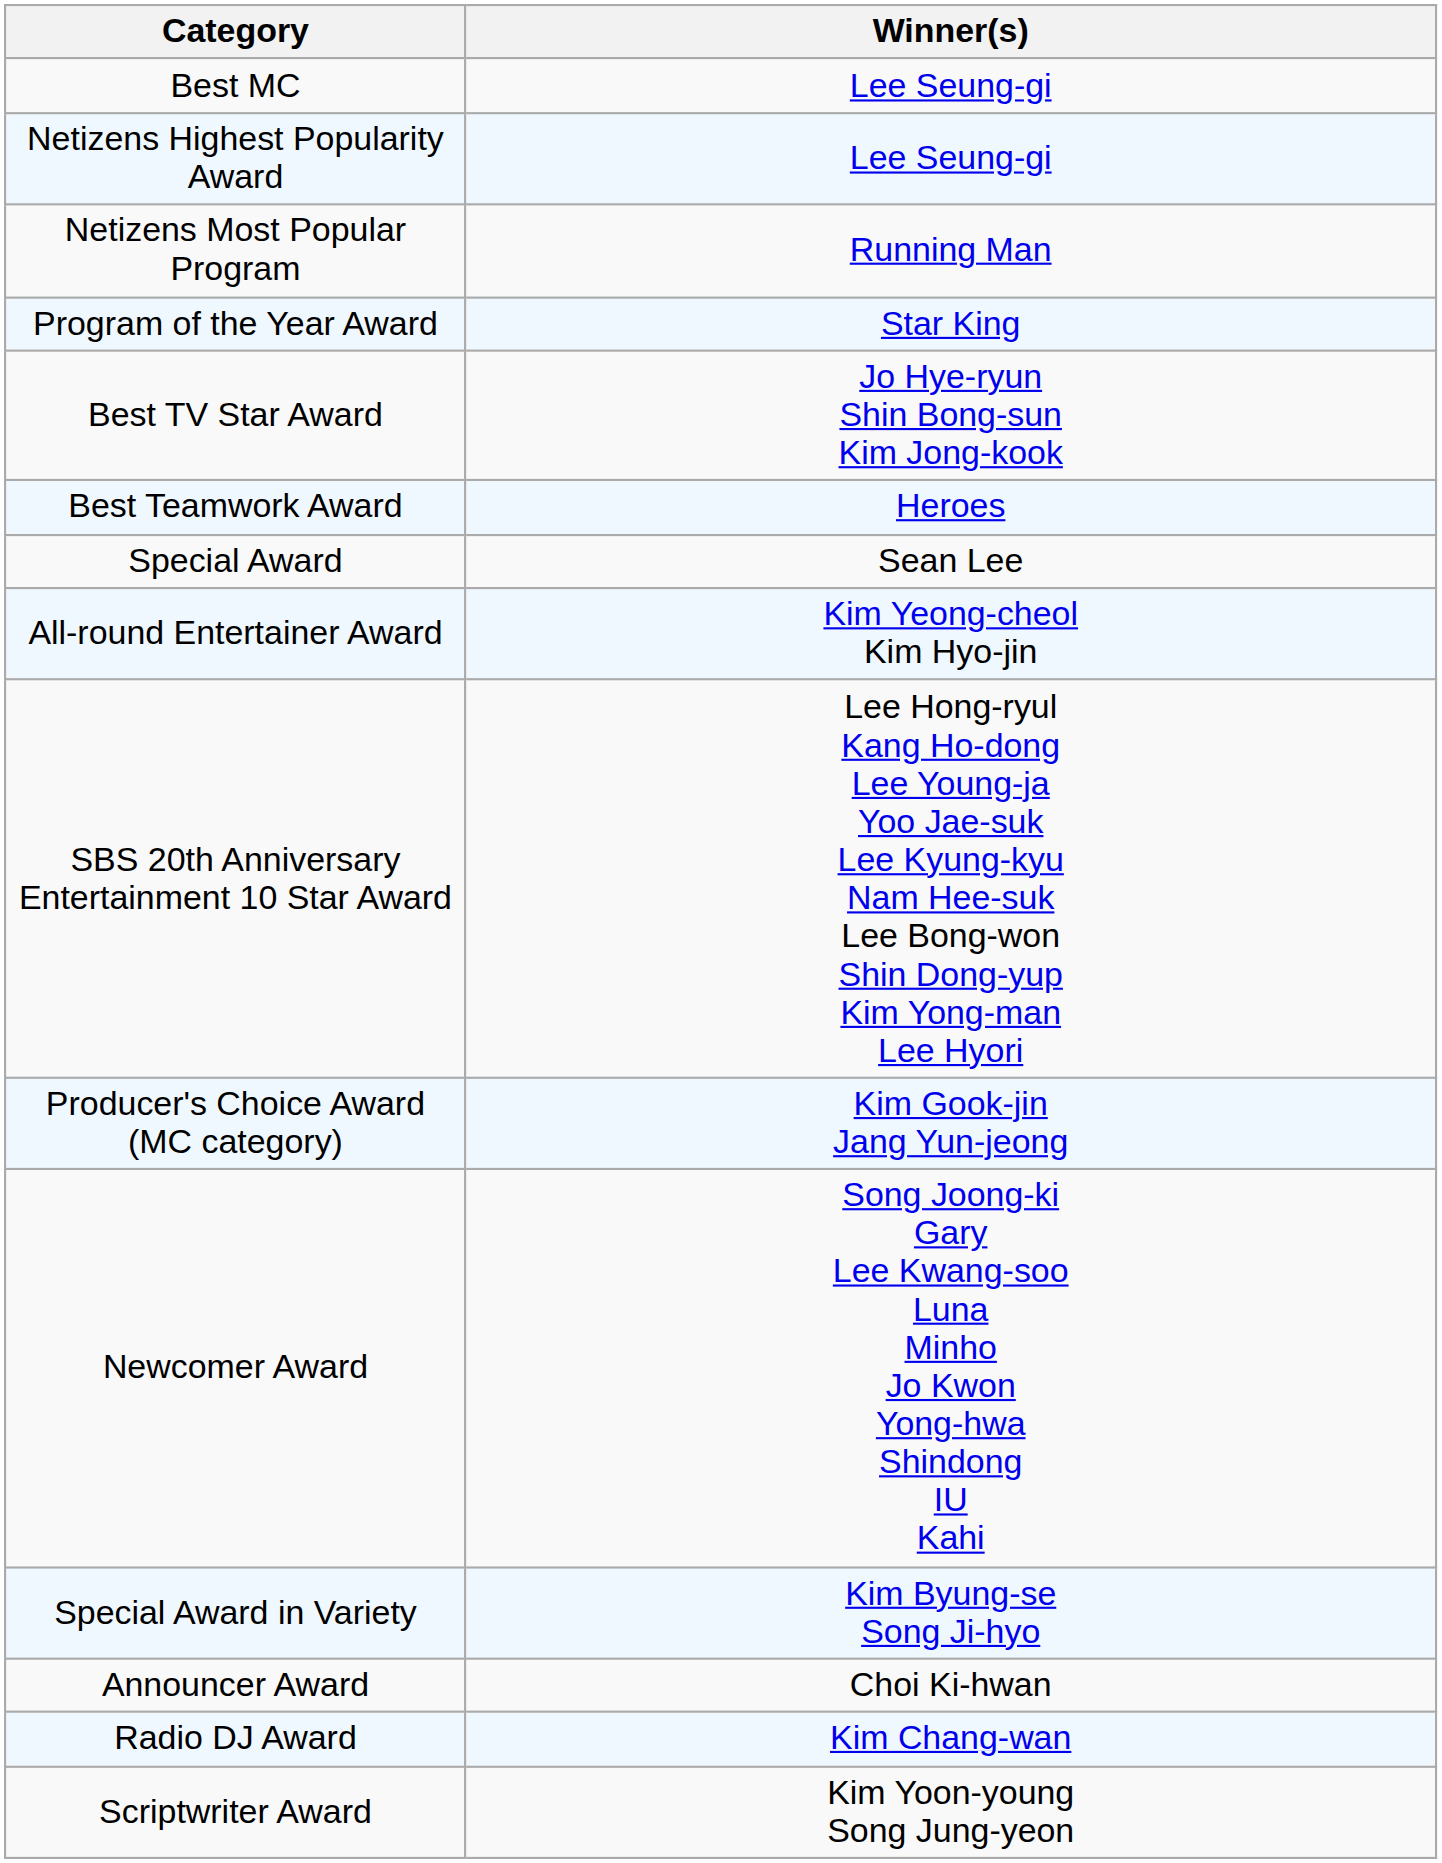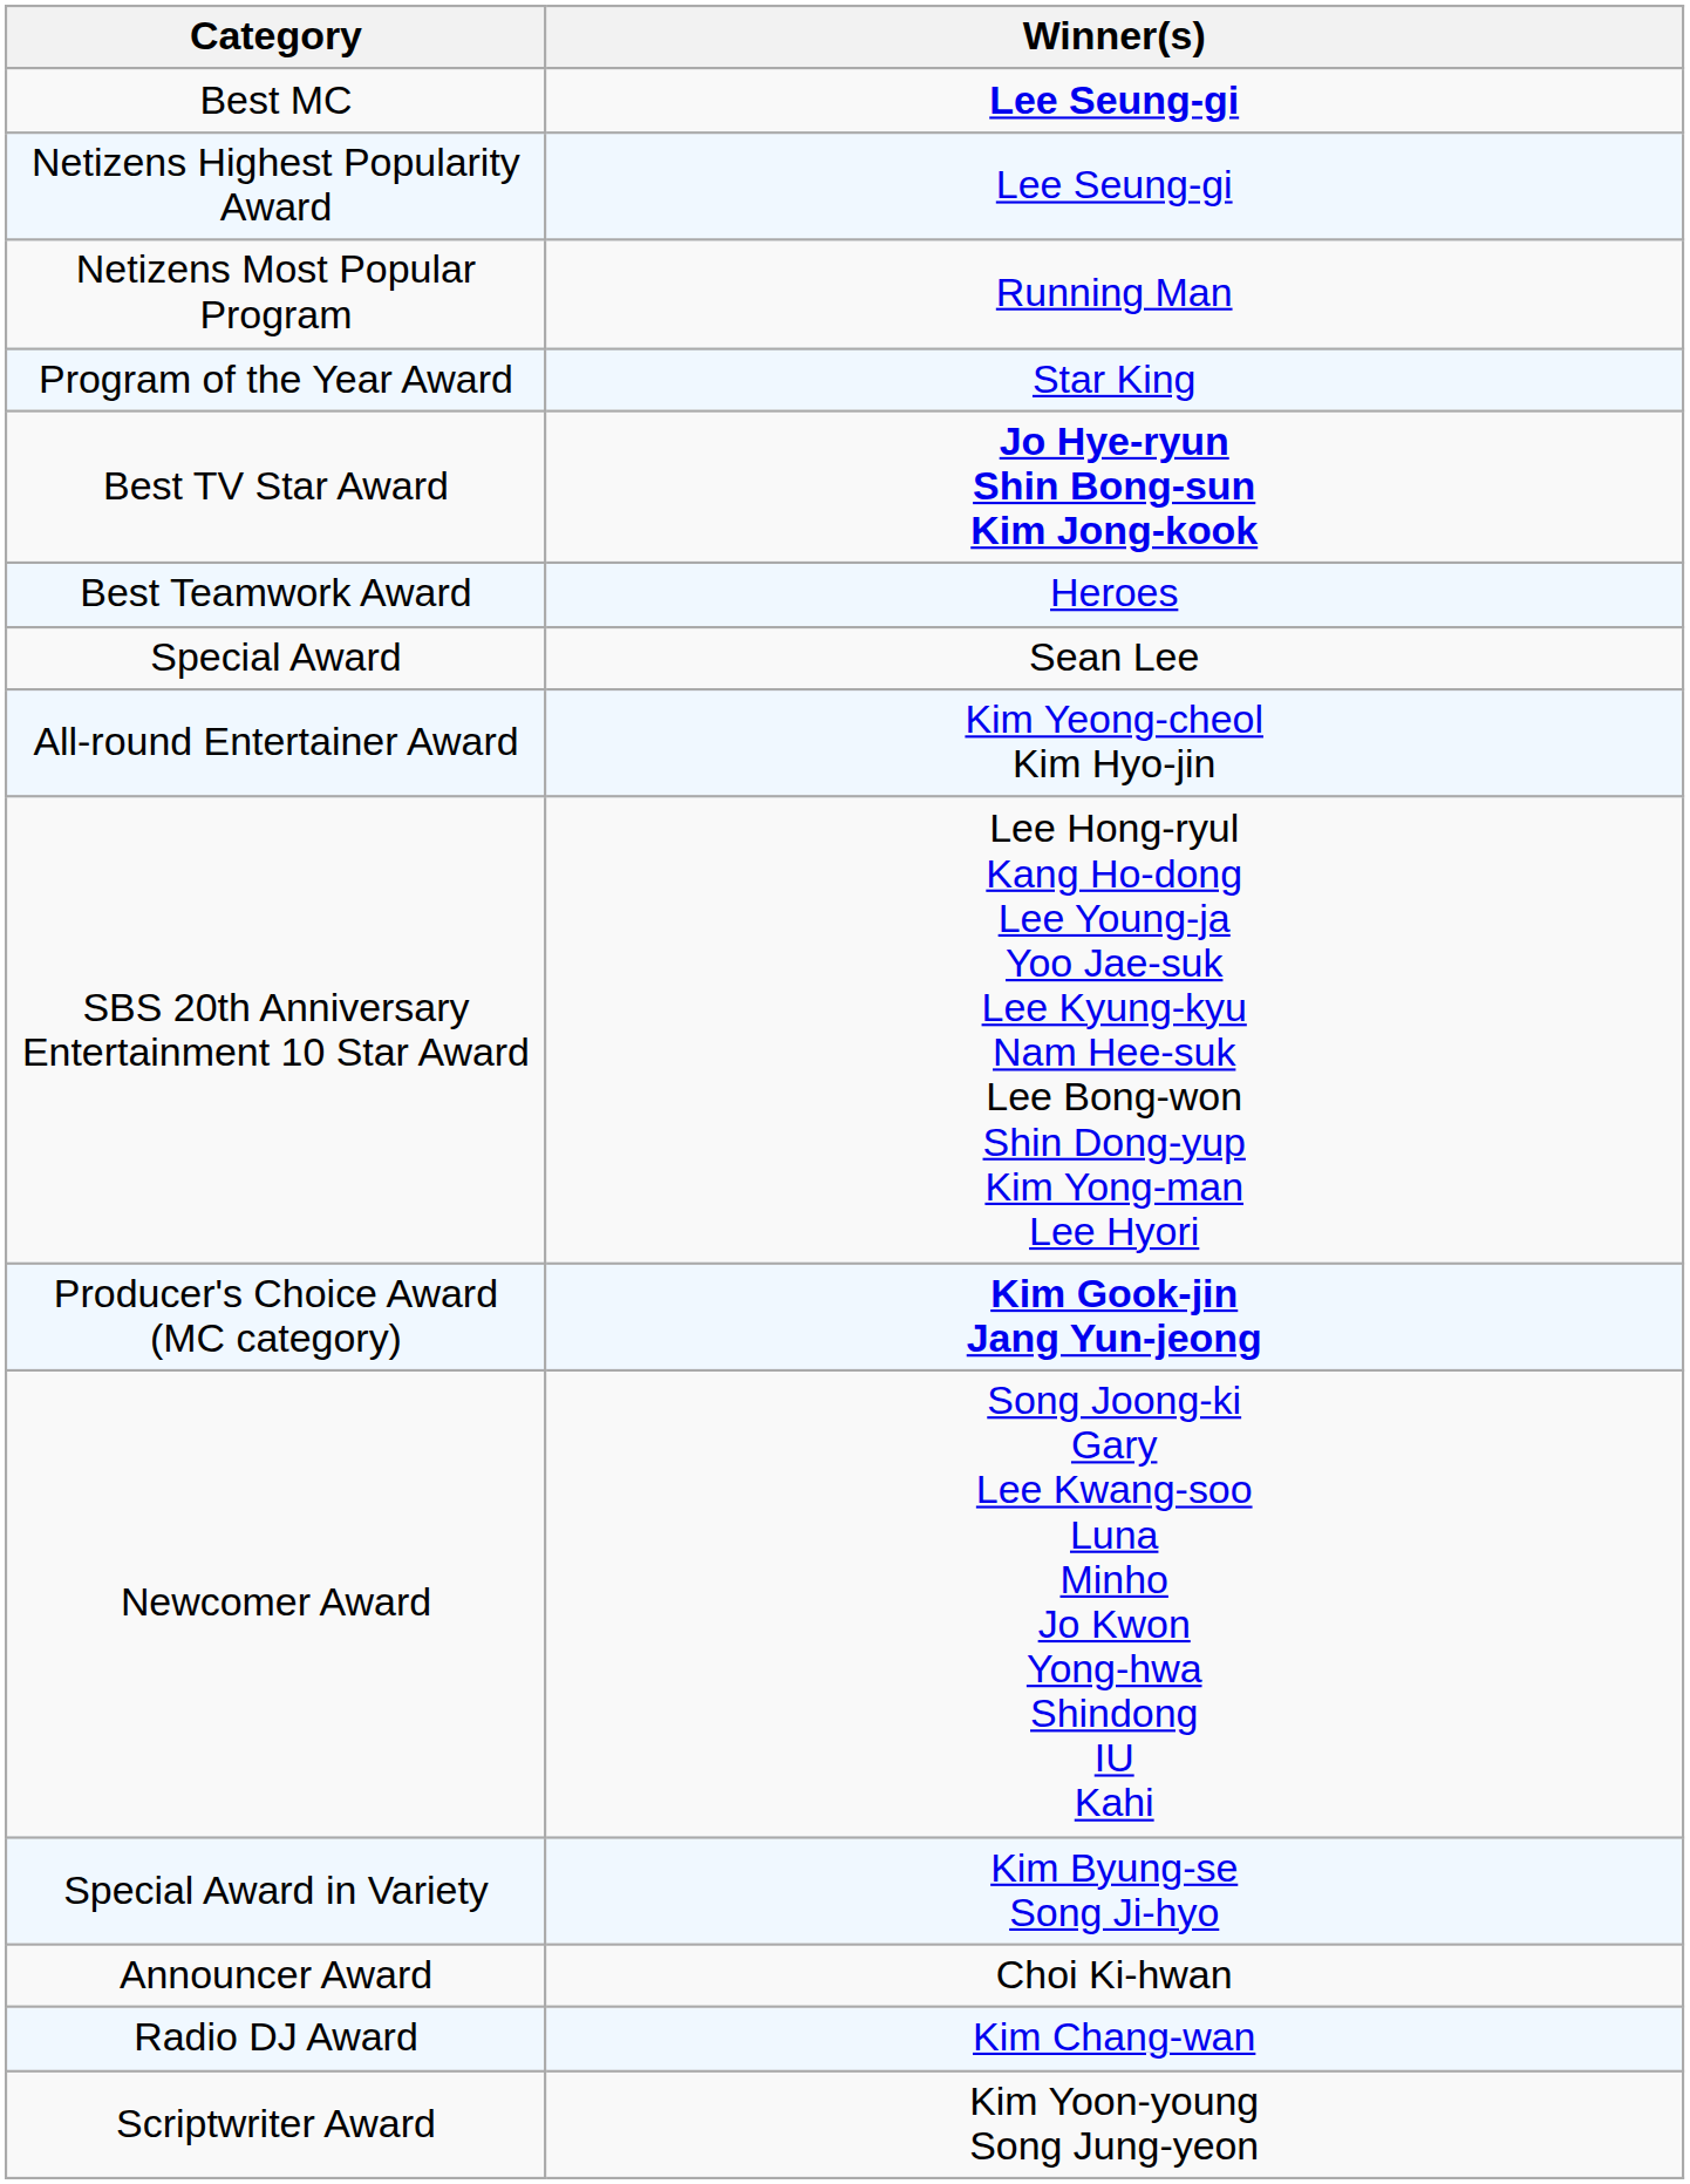 <table class="wikitable sortable">
 <tr align=center>
 <th style="width:210px">Category</th>
 <th style="width:450px">Winner(s)</th>
 </tr>
 <tr align=center>
 <td>Best MC</td>
-<td><a href='#'>Lee Seung-gi</a></td>
+<td><strong><a href='#'>Lee Seung-gi</a></strong></td>
 </tr>
 <tr align=center style="background:#F0F8FF">
 <td>Netizens Highest Popularity Award</td>
 <td><a href='#'>Lee Seung-gi</a></td>
 </tr>
 <tr align=center>
 <td>Netizens Most Popular Program</td>
 <td><a href='#'>Running Man</a></td>
 </tr>
 <tr align=center style="background:#F0F8FF">
 <td>Program of the Year Award</td>
 <td><a href='#'>Star King</a></td>
 </tr>
 <tr align=center>
 <td>Best TV Star Award</td>
-<td><a href='#'>Jo Hye-ryun</a> <br> <a href='#'>Shin Bong-sun</a> <br> <a href='#'>Kim Jong-kook</a></td>
+<td><strong><a href='#'>Jo Hye-ryun</a> <br> <a href='#'>Shin Bong-sun</a> <br> <a href='#'>Kim Jong-kook</a></strong></td>
 </tr>
 <tr align=center style="background:#F0F8FF">
 <td>Best Teamwork Award</td>
 <td><a href='#'>Heroes</a></td>
 </tr>
 <tr align=center>
 <td>Special Award</td>
 <td>Sean Lee</td>
 </tr>
 <tr align=center style="background:#F0F8FF">
 <td>All-round Entertainer Award</td>
 <td><a href='#'>Kim Yeong-cheol</a> <br> Kim Hyo-jin</td>
 </tr>
 <tr align=center>
 <td>SBS 20th Anniversary Entertainment 10 Star Award</td>
 <td>Lee Hong-ryul <br> <a href='#'>Kang Ho-dong</a> <br> <a href='#'>Lee Young-ja</a> <br> <a href='#'>Yoo Jae-suk</a> <br> <a href='#'>Lee Kyung-kyu</a> <br> <a href='#'>Nam Hee-suk</a> <br> Lee Bong-won <br> <a href='#'>Shin Dong-yup</a> <br> <a href='#'>Kim Yong-man</a> <br> <a href='#'>Lee Hyori</a></td>
 </tr>
 <tr align=center style="background:#F0F8FF">
 <td>Producer's Choice Award (MC category)</td>
-<td><a href='#'>Kim Gook-jin</a> <br> <a href='#'>Jang Yun-jeong</a></td>
+<td><strong><a href='#'>Kim Gook-jin</a> <br> <a href='#'>Jang Yun-jeong</a></strong></td>
 </tr>
 <tr align=center>
 <td>Newcomer Award</td>
 <td><a href='#'>Song Joong-ki</a> <br> <a href='#'>Gary</a> <br> <a href='#'>Lee Kwang-soo</a> <br> <a href='#'>Luna</a> <br> <a href='#'>Minho</a> <br> <a href='#'>Jo Kwon</a> <br> <a href='#'>Yong-hwa</a> <br> <a href='#'>Shindong</a> <br> <a href='#'>IU</a> <br> <a href='#'>Kahi</a></td>
 </tr>
 <tr align=center style="background:#F0F8FF">
 <td>Special Award in Variety</td>
 <td><a href='#'>Kim Byung-se</a> <br> <a href='#'>Song Ji-hyo</a></td>
 </tr>
 <tr align=center>
 <td>Announcer Award</td>
 <td>Choi Ki-hwan</td>
 </tr>
 <tr align=center style="background:#F0F8FF">
 <td>Radio DJ Award</td>
 <td><a href='#'>Kim Chang-wan</a></td>
 </tr>
 <tr align=center>
 <td>Scriptwriter Award</td>
 <td>Kim Yoon-young <br> Song Jung-yeon</td>
 </tr>
 </table>
